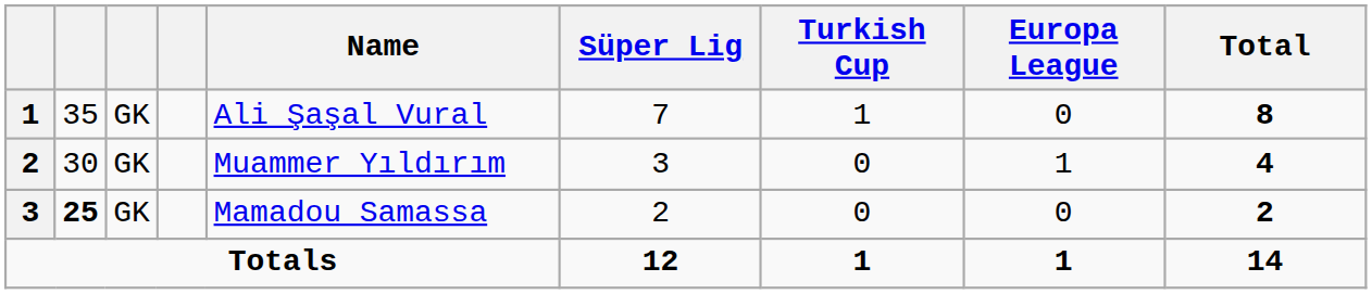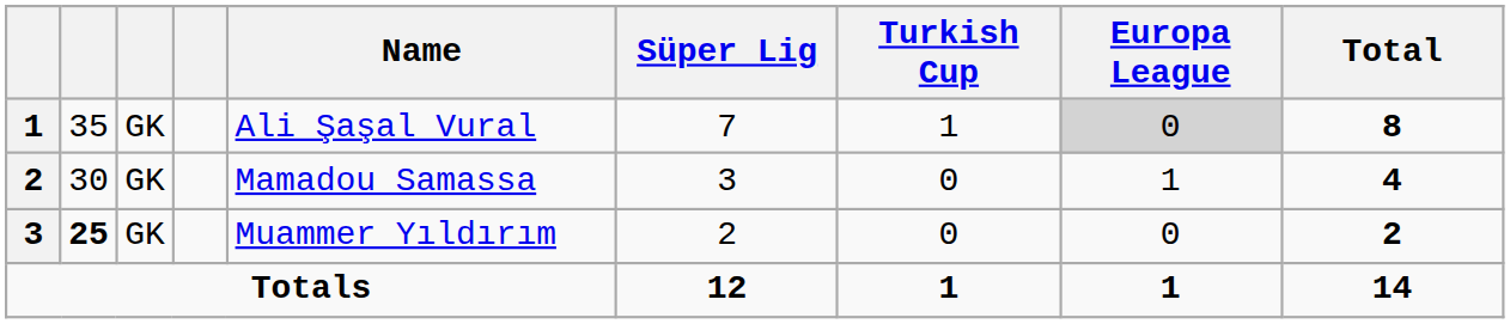 <table class="wikitable" style="text-align:center">
 <tr>
 <th width=15></th>
 <th width=15></th>
 <th width=15></th>
 <th width=15></th>
 <th width=145>Name</th>
 <th width=80><a href='#'>Süper Lig</a></th>
 <th width=80><a href='#'>Turkish Cup</a></th>
 <th width=80><a href='#'>Europa League</a></th>
 <th width=80>Total</th>
 </tr>
 <tr>
 <th rowspan="1">1</th>
 <td>35</td>
 <td>GK</td>
 <td></td>
 <td align=left><a href='#'>Ali Şaşal Vural</a></td>
 <td>7</td>
 <td>1</td>
-<td>0</td>
+<td style="background: lightgrey;">0</td>
 <td><strong>8</strong></td>
 </tr>
 <tr>
 <th rowspan="1">2</th>
 <td>30</td>
 <td>GK</td>
 <td></td>
-<td align=left><a href='#'>Muammer Yıldırım</a></td>
+<td align=left><a href='#'>Mamadou Samassa</a></td>
 <td>3</td>
 <td>0</td>
 <td>1</td>
 <td><strong>4</strong></td>
 </tr>
 <tr>
 <th rowspan="1">3</th>
 <td><strong>25</strong></td>
 <td>GK</td>
 <td></td>
-<td align=left><a href='#'>Mamadou Samassa</a></td>
+<td align=left><a href='#'>Muammer Yıldırım</a></td>
 <td>2</td>
 <td>0</td>
 <td>0</td>
 <td><strong>2</strong></td>
 </tr>
 <tr>
 <td colspan=5><strong>Totals</strong></td>
 <td><strong>12</strong></td>
 <td><strong>1</strong></td>
 <td><strong>1</strong></td>
 <td><strong>14</strong></td>
 </tr>
 </table>
